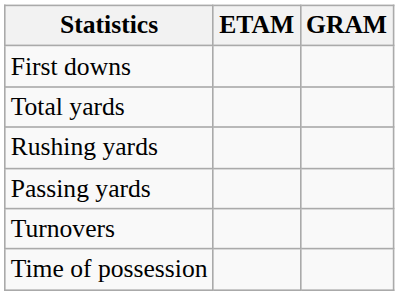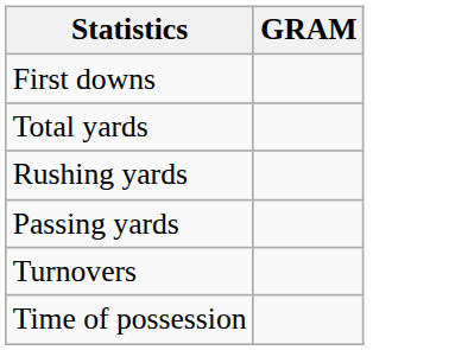 <table class="wikitable" style="float:left">
 <tr>
 <th>Statistics</th>
-<th>ETAM</th>
 <th>GRAM</th>
 </tr>
 <tr>
 <td>First downs</td>
 <td></td>
-<td></td>
 </tr>
 <tr>
 <td>Total yards</td>
-<td></td>
 <td></td>
 </tr>
 <tr>
 <td>Rushing yards</td>
 <td></td>
-<td></td>
 </tr>
 <tr>
 <td>Passing yards</td>
-<td></td>
 <td></td>
 </tr>
 <tr>
 <td>Turnovers</td>
 <td></td>
-<td></td>
 </tr>
 <tr>
 <td>Time of possession</td>
 <td></td>
-<td></td>
 </tr>
 </table>
